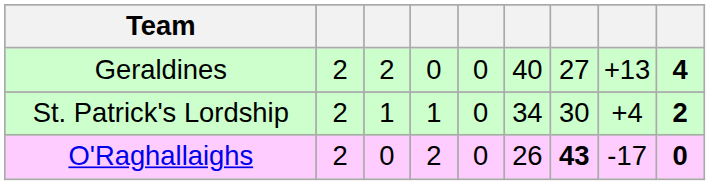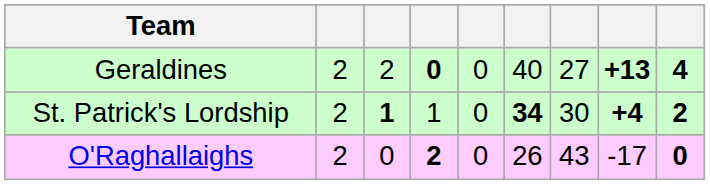 <table class="wikitable" style="text-align:center">
 <tr>
 <th style="width:175px;">Team</th>
 <th width="20"></th>
 <th width="20"></th>
 <th width="20"></th>
 <th width="20"></th>
 <th width="20"></th>
 <th width="20"></th>
 <th width="20"></th>
 <th width="20"></th>
 </tr>
 <tr style="background:#cfc;">
 <td>Geraldines</td>
 <td>2</td>
 <td>2</td>
-<td>0</td>
+<td><strong>0</strong></td>
 <td>0</td>
 <td>40</td>
 <td>27</td>
-<td>+13</td>
+<td><strong>+13</strong></td>
 <td><strong>4</strong></td>
 </tr>
 <tr style="background:#cfc;">
 <td>St. Patrick's Lordship</td>
 <td>2</td>
-<td>1</td>
+<td><strong>1</strong></td>
 <td>1</td>
 <td>0</td>
-<td>34</td>
+<td><strong>34</strong></td>
 <td>30</td>
-<td>+4</td>
+<td><strong>+4</strong></td>
 <td><strong>2</strong></td>
 </tr>
 <tr style="background:#fcf;">
 <td><a href='#'>O'Raghallaighs</a></td>
 <td>2</td>
 <td>0</td>
-<td>2</td>
+<td><strong>2</strong></td>
 <td>0</td>
 <td>26</td>
-<td><strong>43</strong></td>
+<td>43</td>
 <td>-17</td>
 <td><strong>0</strong></td>
 </tr>
 </table>
